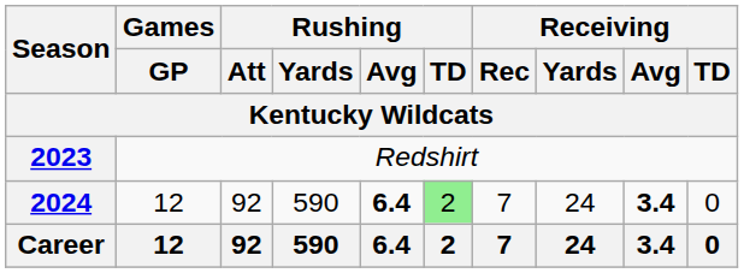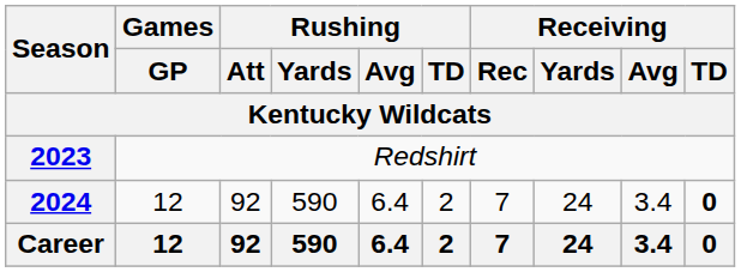 <table class="wikitable" style="text-align:center;">
 <tr>
 <th rowspan="2">Season</th>
 <th>Games</th>
 <th colspan="4">Rushing</th>
 <th colspan="4">Receiving</th>
 </tr>
 <tr>
 <th>GP</th>
 <th>Att</th>
 <th>Yards</th>
 <th>Avg</th>
 <th>TD</th>
 <th>Rec</th>
 <th>Yards</th>
 <th>Avg</th>
 <th>TD</th>
 </tr>
 <tr>
 <th colspan="12">Kentucky Wildcats</th>
 </tr>
 <tr>
 <th><a href='#'>2023</a></th>
 <td colspan="10"><em>Redshirt </em></td>
 </tr>
 <tr>
 <th><a href='#'>2024</a></th>
 <td>12</td>
 <td>92</td>
 <td>590</td>
-<td><strong>6.4</strong></td>
-<td style="background: lightgreen;">2</td>
+<td>6.4</td>
+<td>2</td>
 <td>7</td>
 <td>24</td>
-<td><strong>3.4</strong></td>
-<td>0</td>
+<td>3.4</td>
+<td><strong>0</strong></td>
 </tr>
 <tr>
 <th>Career</th>
 <th>12</th>
 <th>92</th>
 <th>590</th>
 <th>6.4</th>
 <th>2</th>
 <th>7</th>
 <th>24</th>
 <th>3.4</th>
 <th>0</th>
 </tr>
 </table>
